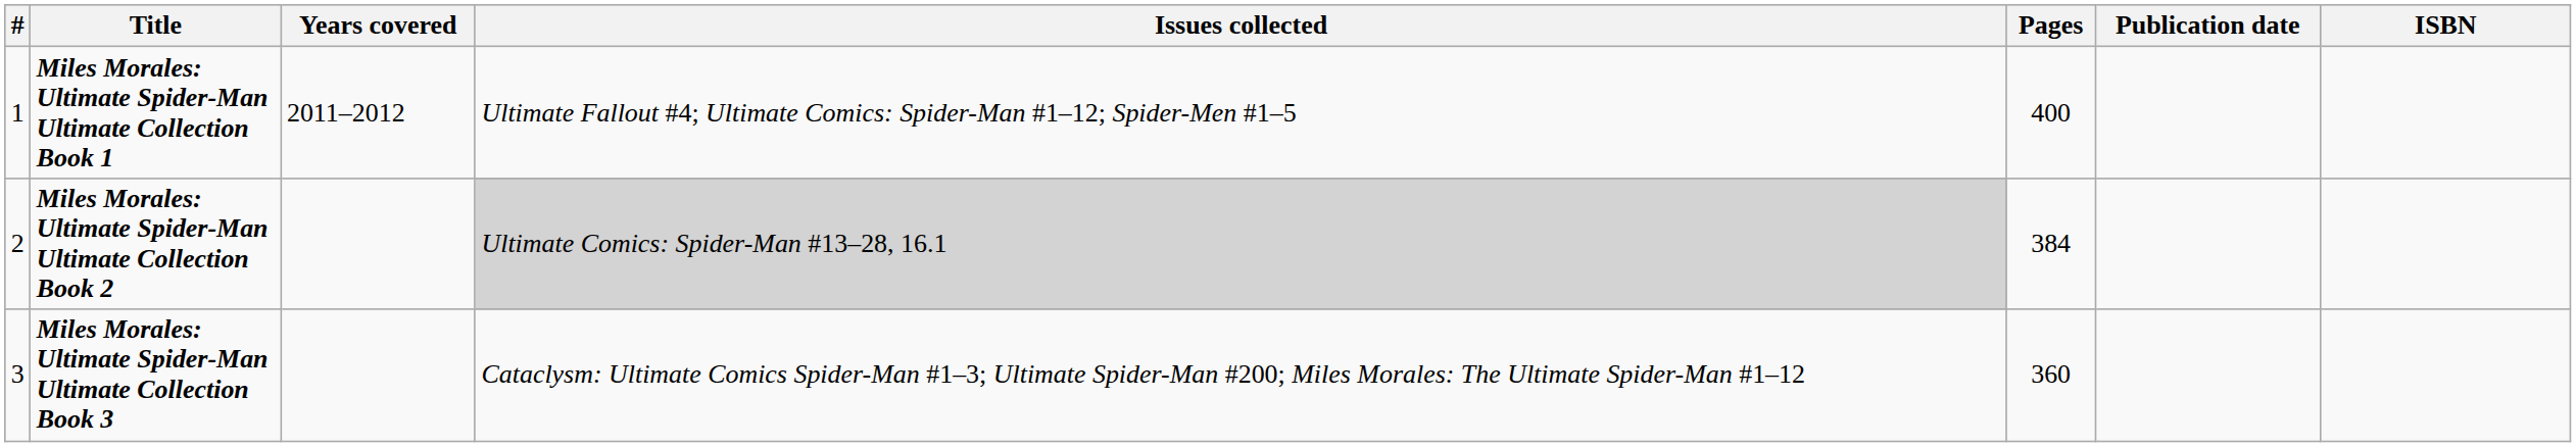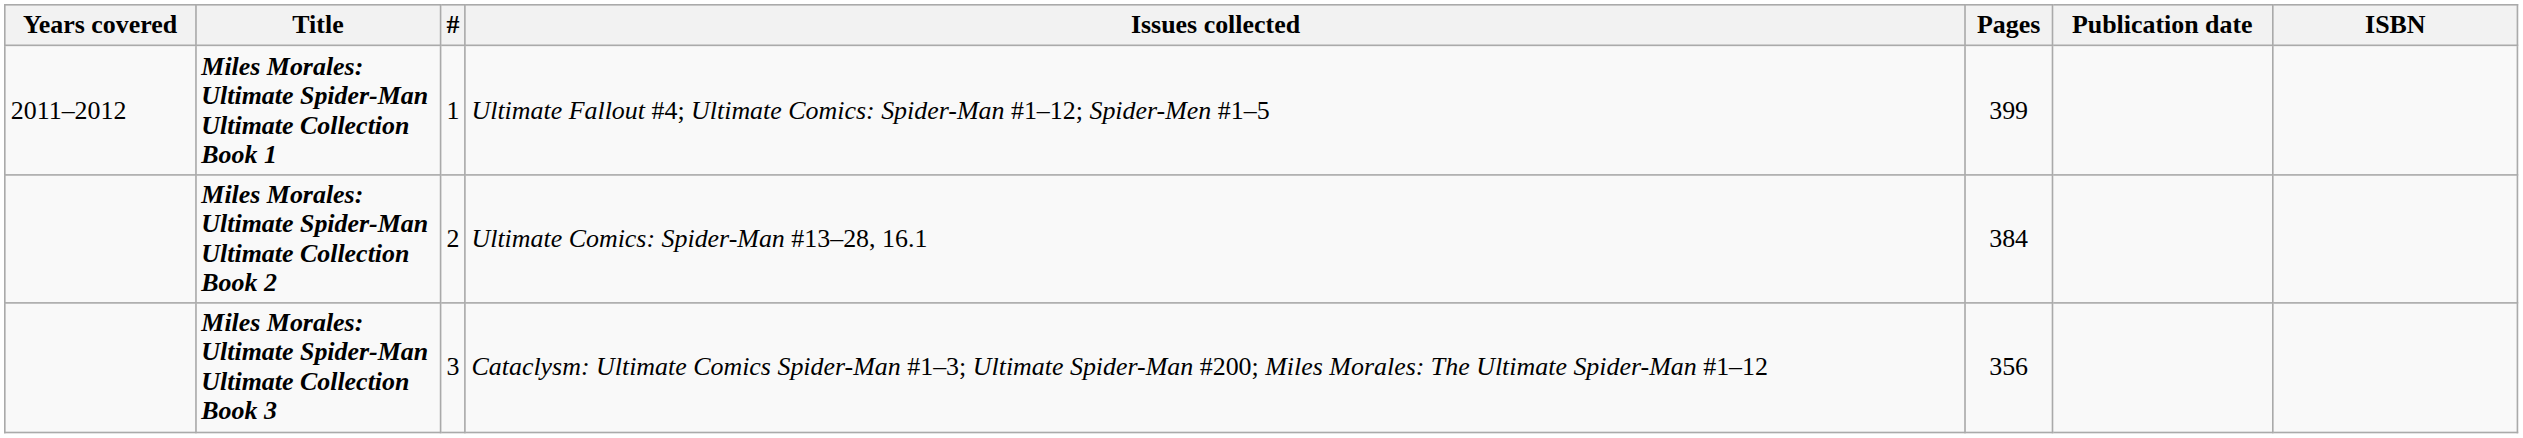 <table class="wikitable sortable" width=98%>
 <tr>
+<th>Years covered</th>
+<th style="width: 9em;">Title</th>
 <th style="width: 4px;">#</th>
-<th style="width: 9em;">Title</th>
-<th>Years covered</th>
 <th>Issues collected</th>
 <th>Pages</th>
 <th>Publication date</th>
 <th class="unsortable" style="width: 9em;">ISBN</th>
 </tr>
 <tr>
+<td>2011–2012</td>
+<td><strong><em>Miles Morales: Ultimate Spider-Man Ultimate Collection Book 1</em></strong></td>
 <td>1</td>
-<td><strong><em>Miles Morales: Ultimate Spider-Man Ultimate Collection Book 1</em></strong></td>
-<td>2011–2012</td>
 <td><em>Ultimate Fallout</em> #4; <em>Ultimate Comics: Spider-Man</em> #1–12; <em>Spider-Men</em> #1–5</td>
-<td style="text-align: center;">400</td>
+<td style="text-align: center;">399</td>
 <td></td>
 <td></td>
 </tr>
 <tr>
+<td></td>
+<td><strong><em>Miles Morales: Ultimate Spider-Man Ultimate Collection Book 2</em></strong></td>
 <td>2</td>
-<td><strong><em>Miles Morales: Ultimate Spider-Man Ultimate Collection Book 2</em></strong></td>
-<td></td>
-<td style="background: lightgrey;"><em>Ultimate Comics: Spider-Man</em> #13–28, 16.1</td>
+<td><em>Ultimate Comics: Spider-Man</em> #13–28, 16.1</td>
 <td style="text-align: center;">384</td>
 <td></td>
 <td></td>
 </tr>
 <tr>
+<td></td>
+<td><strong><em>Miles Morales: Ultimate Spider-Man Ultimate Collection Book 3</em></strong></td>
 <td>3</td>
-<td><strong><em>Miles Morales: Ultimate Spider-Man Ultimate Collection Book 3</em></strong></td>
-<td></td>
 <td><em>Cataclysm: Ultimate Comics Spider-Man</em> #1–3; <em>Ultimate Spider-Man</em> #200; <em>Miles Morales: The Ultimate Spider-Man</em> #1–12</td>
-<td style="text-align: center;">360</td>
+<td style="text-align: center;">356</td>
 <td></td>
 <td></td>
 </tr>
 </table>
